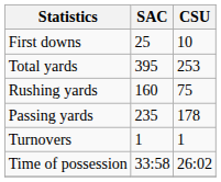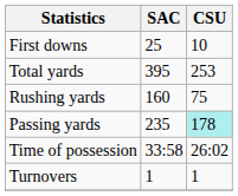 <table class="wikitable">
 <tr>
 <th>Statistics</th>
 <th>SAC</th>
 <th>CSU</th>
 </tr>
 <tr>
 <td>First downs</td>
 <td>25</td>
 <td>10</td>
 </tr>
 <tr>
 <td>Total yards</td>
 <td>395</td>
 <td>253</td>
 </tr>
 <tr>
 <td>Rushing yards</td>
 <td>160</td>
 <td>75</td>
 </tr>
 <tr>
 <td>Passing yards</td>
 <td>235</td>
-<td>178</td>
+<td style="background: paleturquoise;">178</td>
+</tr>
+<tr>
+<td>Time of possession</td>
+<td>33:58</td>
+<td>26:02</td>
 </tr>
 <tr>
 <td>Turnovers</td>
 <td>1</td>
 <td>1</td>
 </tr>
 <tr>
-<td>Time of possession</td>
-<td>33:58</td>
-<td>26:02</td>
-</tr>
-<tr>
 </tr>
 </table>
